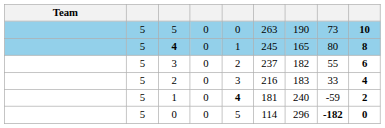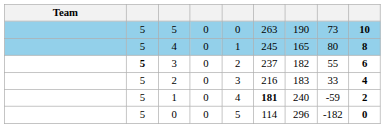 <table class=wikitable style="text-align:center">
 <tr>
 <th width=175>Team</th>
 <th width=40></th>
 <th width=40></th>
 <th width=40></th>
 <th width=40></th>
 <th width=40></th>
 <th width=40></th>
 <th width=40></th>
 <th width=40></th>
 </tr>
 <tr style="background:#93d0ea;">
 <td align=left></td>
 <td>5</td>
 <td>5</td>
 <td>0</td>
 <td>0</td>
 <td>263</td>
 <td>190</td>
 <td>73</td>
 <td><strong>10</strong></td>
 </tr>
 <tr style="background:#93d0ea;">
 <td align=left></td>
 <td>5</td>
-<td><strong>4</strong></td>
+<td>4</td>
 <td>0</td>
 <td>1</td>
 <td>245</td>
 <td>165</td>
 <td>80</td>
 <td><strong>8</strong></td>
 </tr>
 <tr style="background:white;">
 <td align=left></td>
-<td>5</td>
+<td><strong>5</strong></td>
 <td>3</td>
 <td>0</td>
 <td>2</td>
 <td>237</td>
 <td>182</td>
 <td>55</td>
 <td><strong>6</strong></td>
 </tr>
 <tr style="background:white;">
 <td align=left></td>
 <td>5</td>
 <td>2</td>
 <td>0</td>
 <td>3</td>
 <td>216</td>
 <td>183</td>
 <td>33</td>
 <td><strong>4</strong></td>
 </tr>
 <tr style="background:white;">
 <td align=left></td>
 <td>5</td>
 <td>1</td>
 <td>0</td>
-<td><strong>4</strong></td>
-<td>181</td>
+<td>4</td>
+<td><strong>181</strong></td>
 <td>240</td>
 <td>-59</td>
 <td><strong>2</strong></td>
 </tr>
 <tr style="background:white;">
 <td align=left></td>
 <td>5</td>
 <td>0</td>
 <td>0</td>
 <td>5</td>
 <td>114</td>
 <td>296</td>
-<td><strong>-182</strong></td>
+<td>-182</td>
 <td><strong>0</strong></td>
 </tr>
 </table>
